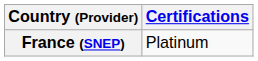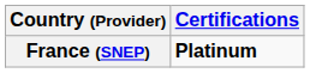 <table class="wikitable plainrowheaders">
 <tr>
 <th scope="col">Country <small>(Provider)</small></th>
 <th scope="col"><a href='#'>Certifications</a></th>
 </tr>
 <tr>
 <th scope="row">France <small>(<a href='#'>SNEP</a>)</small></th>
-<td>Platinum</td>
+<td><strong>Platinum</strong></td>
 </tr>
 </table>
